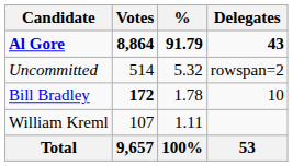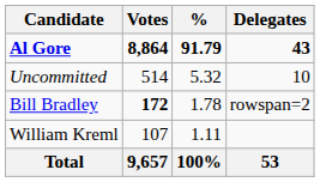 <table class="wikitable sortable" style="text-align:right;">
 <tr>
 <th>Candidate</th>
 <th>Votes</th>
 <th>%</th>
 <th>Delegates</th>
 </tr>
 <tr>
 <td style="text-align:left;" data-sort-value="Gore, Al"><strong><a href='#'>Al Gore</a></strong></td>
 <td><strong>8,864</strong></td>
 <td><strong>91.79</strong></td>
 <td><strong>43</strong></td>
 </tr>
 <tr>
 <td style="text-align:left;" data-sort-value="ZZZ"><em>Uncommitted</em></td>
 <td>514</td>
 <td>5.32</td>
-<td>rowspan=2 </td>
+<td>10</td>
 </tr>
 <tr>
 <td style="text-align:left;" data-sort-value="Bradley, Bill"><a href='#'>Bill Bradley</a></td>
 <td><strong>172</strong></td>
 <td>1.78</td>
-<td>10</td>
+<td>rowspan=2 </td>
 </tr>
 <tr>
 <td style="text-align:left;" data-sort-value="Kreml, William">William Kreml</td>
 <td>107</td>
 <td>1.11</td>
 </tr>
 <tr>
 <th>Total</th>
 <th>9,657</th>
 <th>100%</th>
 <th>53</th>
 </tr>
 </table>
